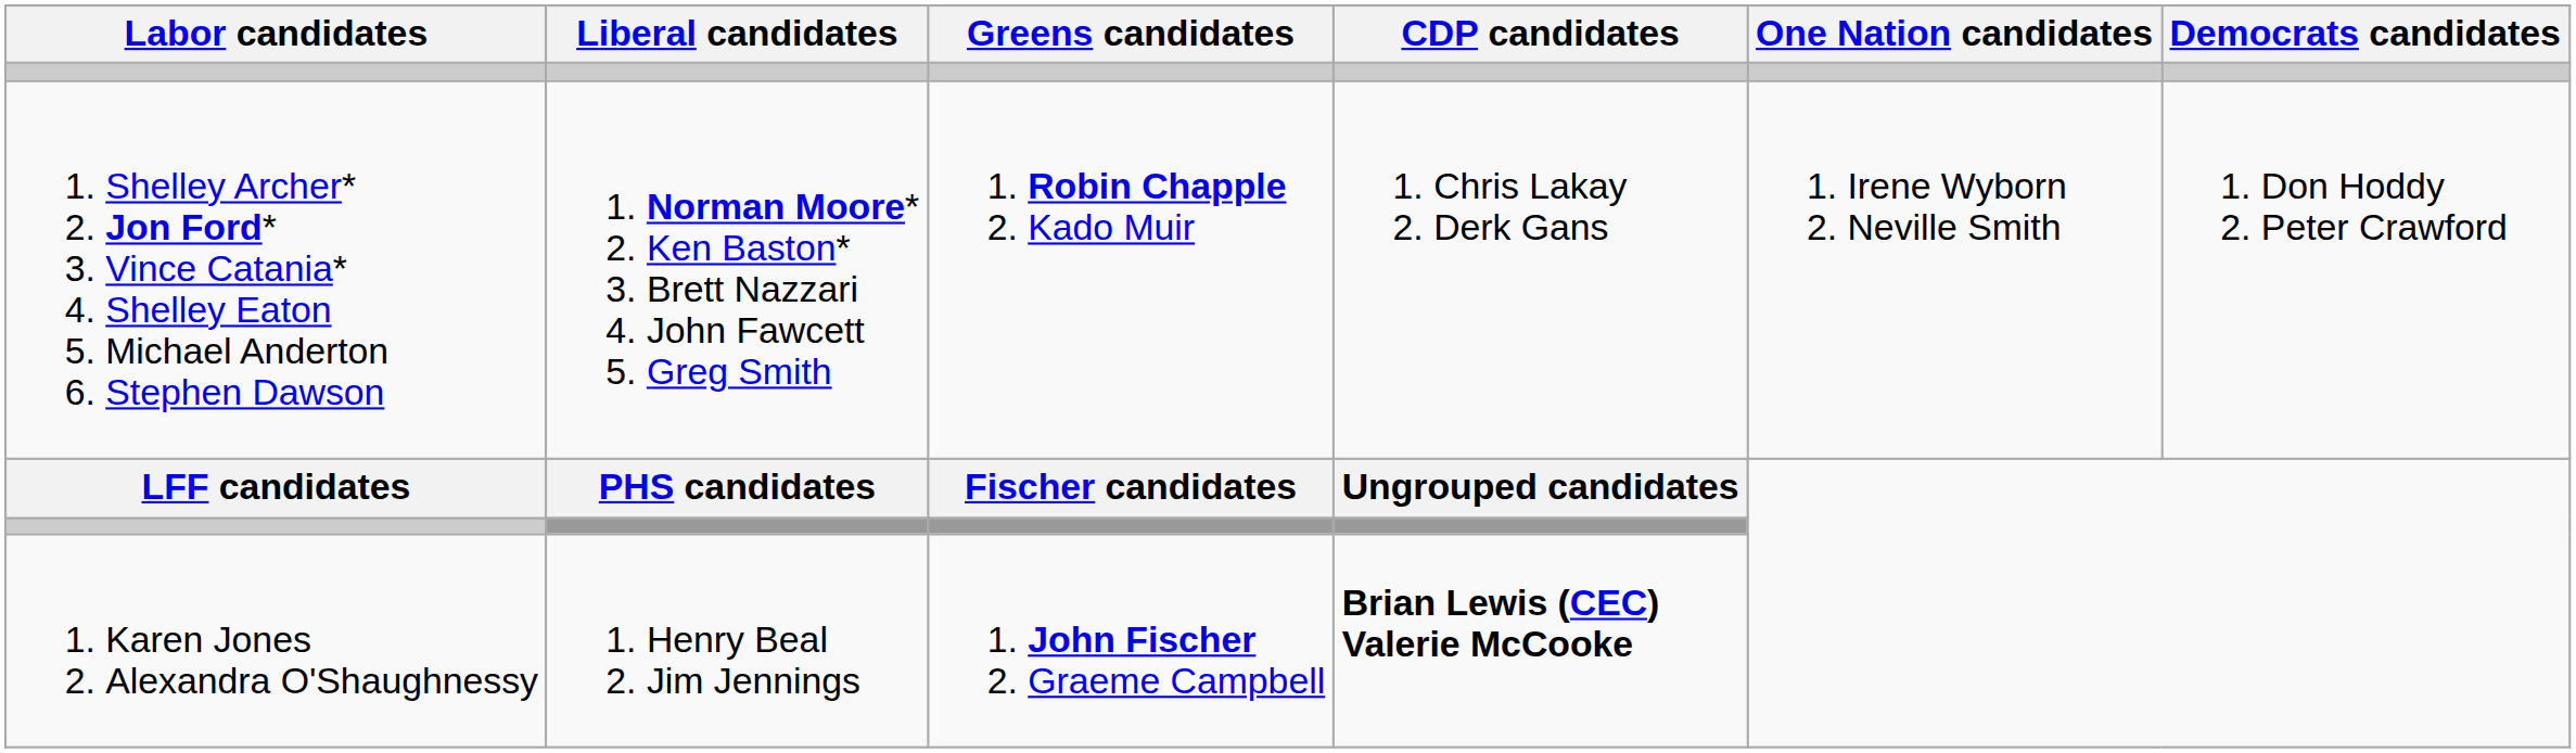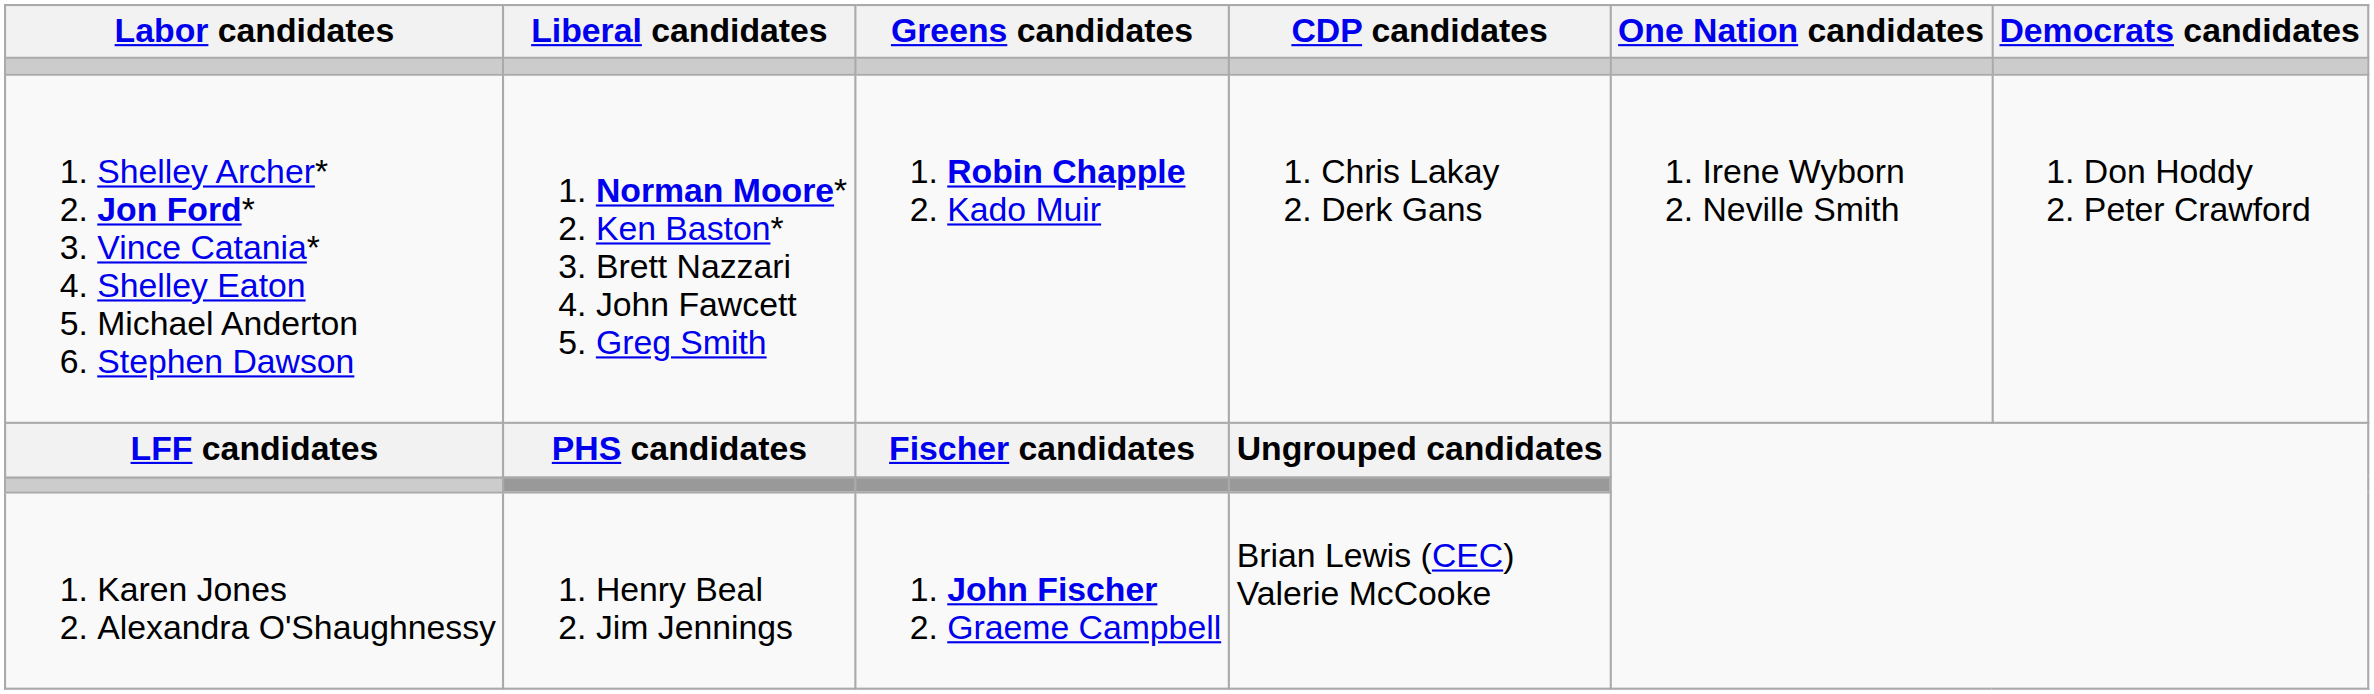 <table class="wikitable">
 <tr>
 <th><a href='#'>Labor</a> candidates</th>
 <th><a href='#'>Liberal</a> candidates</th>
 <th><a href='#'>Greens</a> candidates</th>
 <th><a href='#'>CDP</a> candidates</th>
 <th><a href='#'>One Nation</a> candidates</th>
 <th><a href='#'>Democrats</a> candidates</th>
 </tr>
 <tr bgcolor="#cccccc">
 <td></td>
 <td></td>
 <td></td>
 <td></td>
 <td></td>
 <td></td>
 </tr>
 <tr>
 <td><br><ol><li><a href='#'>Shelley Archer</a>*</li><li><strong><a href='#'>Jon Ford</a></strong>*</li><li><a href='#'>Vince Catania</a>*</li><li><a href='#'>Shelley Eaton</a></li><li>Michael Anderton</li><li><a href='#'>Stephen Dawson</a></li></ol></td>
 <td><br><ol><li><strong><a href='#'>Norman Moore</a></strong>*</li><li><a href='#'>Ken Baston</a>*</li><li>Brett Nazzari</li><li>John Fawcett</li><li><a href='#'>Greg Smith</a></li></ol></td>
 <td valign=top><br><ol><li><strong><a href='#'>Robin Chapple</a></strong></li><li><a href='#'>Kado Muir</a></li></ol></td>
 <td valign=top><br><ol><li>Chris Lakay</li><li>Derk Gans</li></ol></td>
 <td valign=top><br><ol><li>Irene Wyborn</li><li>Neville Smith</li></ol></td>
 <td valign=top><br><ol><li>Don Hoddy</li><li>Peter Crawford</li></ol></td>
 </tr>
 <tr bgcolor="#cccccc">
 <th><a href='#'>LFF</a> candidates</th>
 <th><a href='#'>PHS</a> candidates</th>
 <th><a href='#'>Fischer</a> candidates</th>
 <th>Ungrouped candidates</th>
 </tr>
 <tr bgcolor="#cccccc">
 <td></td>
 <td bgcolor="#999999"></td>
 <td bgcolor="#999999"></td>
 <td bgcolor="#999999"></td>
 </tr>
 <tr>
 <td valign=top><br><ol><li>Karen Jones</li><li>Alexandra O'Shaughnessy</li></ol></td>
 <td valign=top><br><ol><li>Henry Beal</li><li>Jim Jennings</li></ol></td>
 <td valign=top><br><ol><li><strong><a href='#'>John Fischer</a></strong></li><li><a href='#'>Graeme Campbell</a></li></ol></td>
-<td valign=top><strong><br>Brian Lewis (<a href='#'>CEC</a>)<br> Valerie McCooke</strong></td>
+<td valign=top><br>Brian Lewis (<a href='#'>CEC</a>)<br> Valerie McCooke</td>
 </tr>
 </table>
